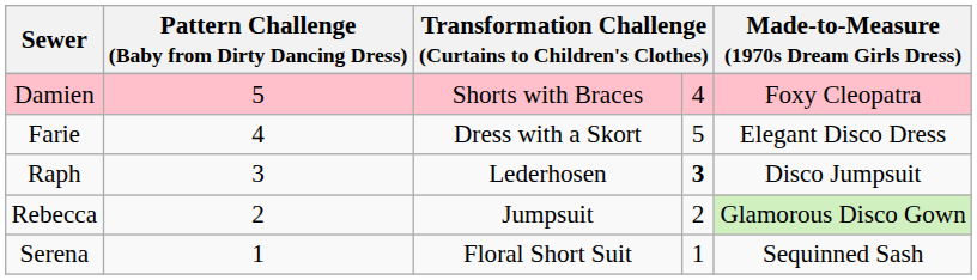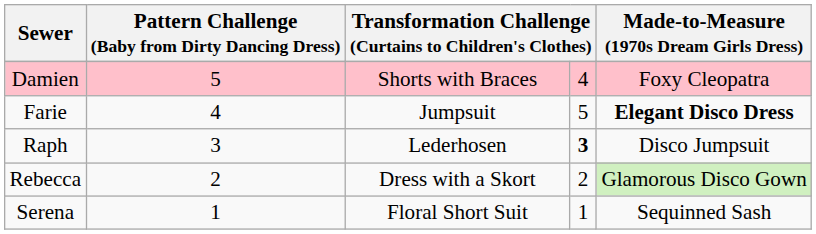 <table class="wikitable" style="text-align:center;">
 <tr>
 <th>Sewer</th>
 <th>Pattern Challenge<br><small>(Baby from Dirty Dancing Dress)</small></th>
 <th colspan="2">Transformation Challenge<br><small>(Curtains to Children's Clothes)</small></th>
 <th>Made-to-Measure<br><small>(1970s Dream Girls Dress)</small></th>
 </tr>
 <tr>
 </tr>
 <tr>
 </tr>
 <tr>
 </tr>
 <tr style="background:pink">
 <td>Damien</td>
 <td>5</td>
 <td>Shorts with Braces</td>
 <td>4</td>
 <td>Foxy Cleopatra</td>
 </tr>
 <tr>
 <td>Farie</td>
 <td>4</td>
-<td>Dress with a Skort</td>
+<td>Jumpsuit</td>
 <td>5</td>
-<td>Elegant Disco Dress</td>
+<td><strong>Elegant Disco Dress</strong></td>
 </tr>
 <tr>
 <td>Raph</td>
 <td>3</td>
 <td>Lederhosen</td>
 <td><strong>3</strong></td>
 <td>Disco Jumpsuit</td>
 </tr>
 <tr>
 <td>Rebecca</td>
 <td>2</td>
-<td>Jumpsuit</td>
+<td>Dress with a Skort</td>
 <td>2</td>
 <td style="background:#d0f0c0">Glamorous Disco Gown</td>
 </tr>
 <tr>
 <td>Serena</td>
 <td>1</td>
 <td>Floral Short Suit</td>
 <td>1</td>
 <td>Sequinned Sash</td>
 </tr>
 </table>
